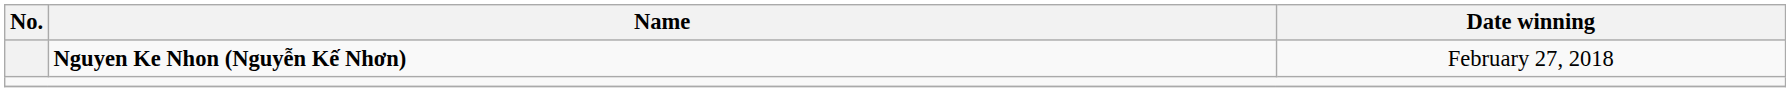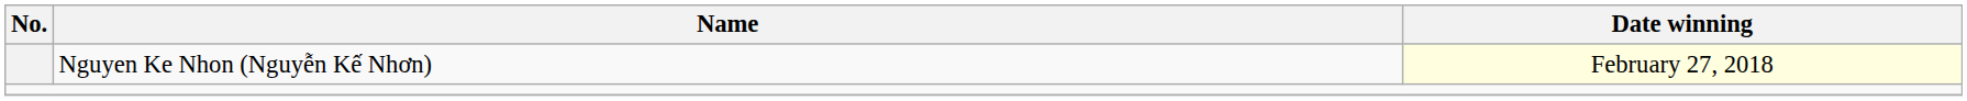 <table class="wikitable" width=100%>
 <tr>
 <th style="width:1%;">No.</th>
 <th style="width:70%;">Name</th>
 <th style="width:29%;">Date winning</th>
 </tr>
 <tr align=center>
 <th></th>
-<td align=left><strong> Nguyen Ke Nhon (Nguyễn Kế Nhơn)</strong></td>
-<td>February 27, 2018</td>
+<td align=left> Nguyen Ke Nhon (Nguyễn Kế Nhơn)</td>
+<td style="background: lightyellow;">February 27, 2018</td>
 </tr>
 <tr>
 <td colspan="6"></td>
 </tr>
 <tr>
 </tr>
 </table>
